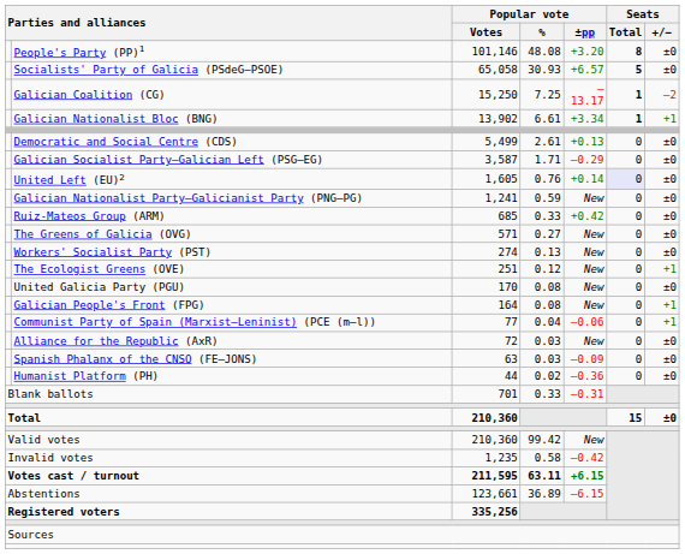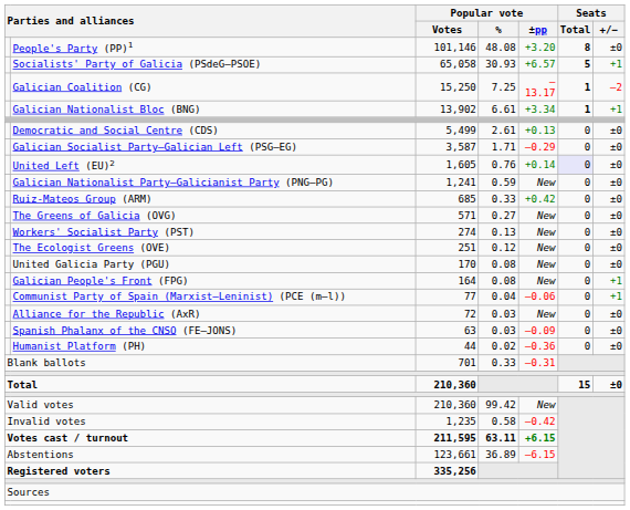 <table class="wikitable" style="text-align:right;">
 <tr>
 <th style="text-align:left;" rowspan="2" colspan="2" width="525">Parties and alliances</th>
 <th colspan="3">Popular vote</th>
 <th colspan="2">Seats</th>
 </tr>
 <tr>
 <th width="75">Votes</th>
 <th width="45">%</th>
 <th width="45">±<a href='#'>pp</a></th>
 <th width="35">Total</th>
 <th width="35">+/−</th>
 </tr>
 <tr>
 <td width="1" style="color:inherit;background:"></td>
 <td align="left"><a href='#'>People's Party</a> (PP)<sup>1</sup></td>
 <td>101,146</td>
 <td>48.08</td>
 <td style="color:green;">+3.20</td>
 <td><strong>8</strong></td>
 <td>±0</td>
 </tr>
 <tr>
 <td style="color:inherit;background:"></td>
 <td align="left"><a href='#'>Socialists' Party of Galicia</a> (PSdeG–PSOE)</td>
 <td>65,058</td>
 <td>30.93</td>
 <td style="color:green;">+6.57</td>
 <td><strong>5</strong></td>
-<td>±0</td>
+<td style="color:green;">+1</td>
 </tr>
 <tr>
 <td style="color:inherit;background:"></td>
 <td align="left"><a href='#'>Galician Coalition</a> (CG)</td>
 <td>15,250</td>
 <td>7.25</td>
 <td style="color:red;">–13.17</td>
 <td><strong>1</strong></td>
 <td style="color:red;">–2</td>
 </tr>
 <tr>
 <td style="color:inherit;background:"></td>
 <td align="left"><a href='#'>Galician Nationalist Bloc</a> (BNG)</td>
 <td>13,902</td>
 <td>6.61</td>
 <td style="color:green;">+3.34</td>
 <td><strong>1</strong></td>
 <td style="color:green;">+1</td>
 </tr>
 <tr>
 <td colspan="7" bgcolor="#C0C0C0"></td>
 </tr>
 <tr>
 <td style="color:inherit;background:"></td>
 <td align="left"><a href='#'>Democratic and Social Centre</a> (CDS)</td>
 <td>5,499</td>
 <td>2.61</td>
 <td style="color:green;">+0.13</td>
 <td>0</td>
 <td>±0</td>
 </tr>
 <tr>
 <td style="color:inherit;background:"></td>
 <td align="left"><a href='#'>Galician Socialist Party–Galician Left</a> (PSG–EG)</td>
 <td>3,587</td>
 <td>1.71</td>
 <td style="color:red;">–0.29</td>
 <td>0</td>
 <td>±0</td>
 </tr>
 <tr>
 <td style="color:inherit;background:"></td>
 <td align="left"><a href='#'>United Left</a> (EU)<sup>2</sup></td>
 <td>1,605</td>
 <td>0.76</td>
 <td style="color:green;">+0.14</td>
 <td style="background: lavender;">0</td>
 <td>±0</td>
 </tr>
 <tr>
 <td style="color:inherit;background:"></td>
 <td align="left"><a href='#'>Galician Nationalist Party–Galicianist Party</a> (PNG–PG)</td>
 <td>1,241</td>
 <td>0.59</td>
 <td><em>New</em></td>
 <td>0</td>
 <td>±0</td>
 </tr>
 <tr>
 <td style="color:inherit;background:"></td>
 <td align="left"><a href='#'>Ruiz-Mateos Group</a> (ARM)</td>
 <td>685</td>
 <td>0.33</td>
 <td style="color:green;">+0.42</td>
 <td>0</td>
 <td>±0</td>
 </tr>
 <tr>
 <td style="color:inherit;background:"></td>
 <td align="left"><a href='#'>The Greens of Galicia</a> (OVG)</td>
 <td>571</td>
 <td>0.27</td>
 <td><em>New</em></td>
 <td>0</td>
 <td>±0</td>
 </tr>
 <tr>
 <td style="color:inherit;background:"></td>
 <td align="left"><a href='#'>Workers' Socialist Party</a> (PST)</td>
 <td>274</td>
 <td>0.13</td>
 <td><em>New</em></td>
 <td>0</td>
 <td>±0</td>
 </tr>
 <tr>
 <td style="color:inherit;background:"></td>
 <td align="left"><a href='#'>The Ecologist Greens</a> (OVE)</td>
 <td>251</td>
 <td>0.12</td>
 <td><em>New</em></td>
 <td>0</td>
-<td style="color:green;">+1</td>
+<td>±0</td>
 </tr>
 <tr>
 <td style="color:inherit;background:"></td>
 <td align="left">United Galicia Party (PGU)</td>
 <td>170</td>
 <td>0.08</td>
 <td><em>New</em></td>
 <td>0</td>
 <td>±0</td>
 </tr>
 <tr>
 <td style="color:inherit;background:"></td>
 <td align="left"><a href='#'>Galician People's Front</a> (FPG)</td>
 <td>164</td>
 <td>0.08</td>
 <td><em>New</em></td>
 <td>0</td>
 <td style="color:green;">+1</td>
 </tr>
 <tr>
 <td style="color:inherit;background:"></td>
 <td align="left"><a href='#'>Communist Party of Spain (Marxist–Leninist)</a> (PCE (m–l))</td>
 <td>77</td>
 <td>0.04</td>
 <td style="color:red;">–0.06</td>
 <td>0</td>
 <td style="color:green;">+1</td>
 </tr>
 <tr>
 <td style="color:inherit;background:"></td>
 <td align="left"><a href='#'>Alliance for the Republic</a> (AxR)</td>
 <td>72</td>
 <td>0.03</td>
 <td><em>New</em></td>
 <td>0</td>
 <td>±0</td>
 </tr>
 <tr>
 <td style="color:inherit;background:"></td>
 <td align="left"><a href='#'>Spanish Phalanx of the CNSO</a> (FE–JONS)</td>
 <td>63</td>
 <td>0.03</td>
 <td style="color:red;">–0.09</td>
 <td>0</td>
 <td>±0</td>
 </tr>
 <tr>
 <td style="color:inherit;background:"></td>
 <td align="left"><a href='#'>Humanist Platform</a> (PH)</td>
 <td>44</td>
 <td>0.02</td>
 <td style="color:red;">–0.36</td>
 <td>0</td>
 <td>±0</td>
 </tr>
 <tr>
 <td align="left" colspan="2">Blank ballots</td>
 <td>701</td>
 <td>0.33</td>
 <td style="color:red;">–0.31</td>
 <td bgcolor="#E9E9E9" colspan="2"></td>
 </tr>
 <tr>
 <td colspan="7" bgcolor="#E9E9E9"></td>
 </tr>
 <tr style="font-weight:bold;">
 <td align="left" colspan="2">Total</td>
 <td>210,360</td>
 <td bgcolor="#E9E9E9" colspan="2"></td>
 <td>15</td>
 <td>±0</td>
 </tr>
 <tr>
 <td colspan="7" bgcolor="#E9E9E9"></td>
 </tr>
 <tr>
 <td align="left" colspan="2">Valid votes</td>
 <td>210,360</td>
 <td>99.42</td>
 <td><em>New</em></td>
 <td bgcolor="#E9E9E9" colspan="7" rowspan="5"></td>
 </tr>
 <tr>
 <td align="left" colspan="2">Invalid votes</td>
 <td>1,235</td>
 <td>0.58</td>
 <td style="color:red;">–0.42</td>
 </tr>
 <tr style="font-weight:bold;">
 <td align="left" colspan="2">Votes cast / turnout</td>
 <td>211,595</td>
 <td>63.11</td>
 <td style="color:green;">+6.15</td>
 </tr>
 <tr>
 <td align="left" colspan="2">Abstentions</td>
 <td>123,661</td>
 <td>36.89</td>
 <td style="color:red;">–6.15</td>
 </tr>
 <tr style="font-weight:bold;">
 <td align="left" colspan="2">Registered voters</td>
 <td>335,256</td>
 <td bgcolor="#E9E9E9" colspan="2"></td>
 </tr>
 <tr>
 <td colspan="7" bgcolor="#E9E9E9"></td>
 </tr>
 <tr>
 <td align="left" colspan="7">Sources</td>
 </tr>
 <tr>
 <td colspan="7" style="text-align:left; max-width:790px;"></td>
 </tr>
 </table>
